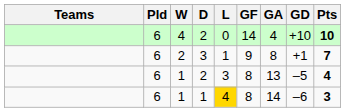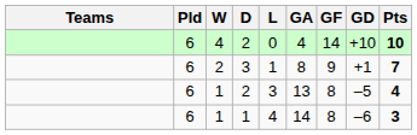 <table class="wikitable" style="text-align: center;">
 <tr>
 <th width=165>Teams</th>
 <th width=20>Pld</th>
 <th width=20>W</th>
 <th width=20>D</th>
 <th width=20>L</th>
+<th width=20>GA</th>
 <th width=20>GF</th>
-<th width=20>GA</th>
 <th width=20>GD</th>
 <th width=20>Pts</th>
 </tr>
 <tr align=center style="background:#ccffcc;">
 <td style="text-align:left;"></td>
 <td>6</td>
 <td>4</td>
 <td>2</td>
 <td>0</td>
+<td>4</td>
 <td>14</td>
-<td>4</td>
 <td>+10</td>
 <td><strong>10</strong></td>
 </tr>
 <tr align=center>
 <td style="text-align:left;"></td>
 <td>6</td>
 <td>2</td>
 <td>3</td>
 <td>1</td>
+<td>8</td>
 <td>9</td>
-<td>8</td>
 <td>+1</td>
 <td><strong>7</strong></td>
 </tr>
 <tr align=center>
 <td style="text-align:left;"></td>
 <td>6</td>
 <td>1</td>
 <td>2</td>
 <td>3</td>
+<td>13</td>
 <td>8</td>
-<td>13</td>
 <td>–5</td>
 <td><strong>4</strong></td>
 </tr>
 <tr align=center>
 <td style="text-align:left;"></td>
 <td>6</td>
 <td>1</td>
 <td>1</td>
-<td style="background: gold;">4</td>
+<td>4</td>
+<td>14</td>
 <td>8</td>
-<td>14</td>
 <td>–6</td>
 <td><strong>3</strong></td>
 </tr>
 </table>
